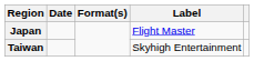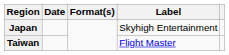 <table class="wikitable plainrowheaders">
 <tr>
 <th scope="col">Region</th>
 <th scope="col">Date</th>
 <th scope="col">Format(s)</th>
 <th scope="col">Label</th>
 <th scope="col"></th>
 </tr>
 <tr>
 <th scope="row">Japan</th>
 <td></td>
 <td rowspan="2"></td>
-<td><a href='#'>Flight Master</a></td>
+<td>Skyhigh Entertainment</td>
 <td></td>
 </tr>
 <tr>
 <th scope="row">Taiwan</th>
 <td></td>
-<td>Skyhigh Entertainment</td>
+<td><a href='#'>Flight Master</a></td>
 <td></td>
 </tr>
 </table>
